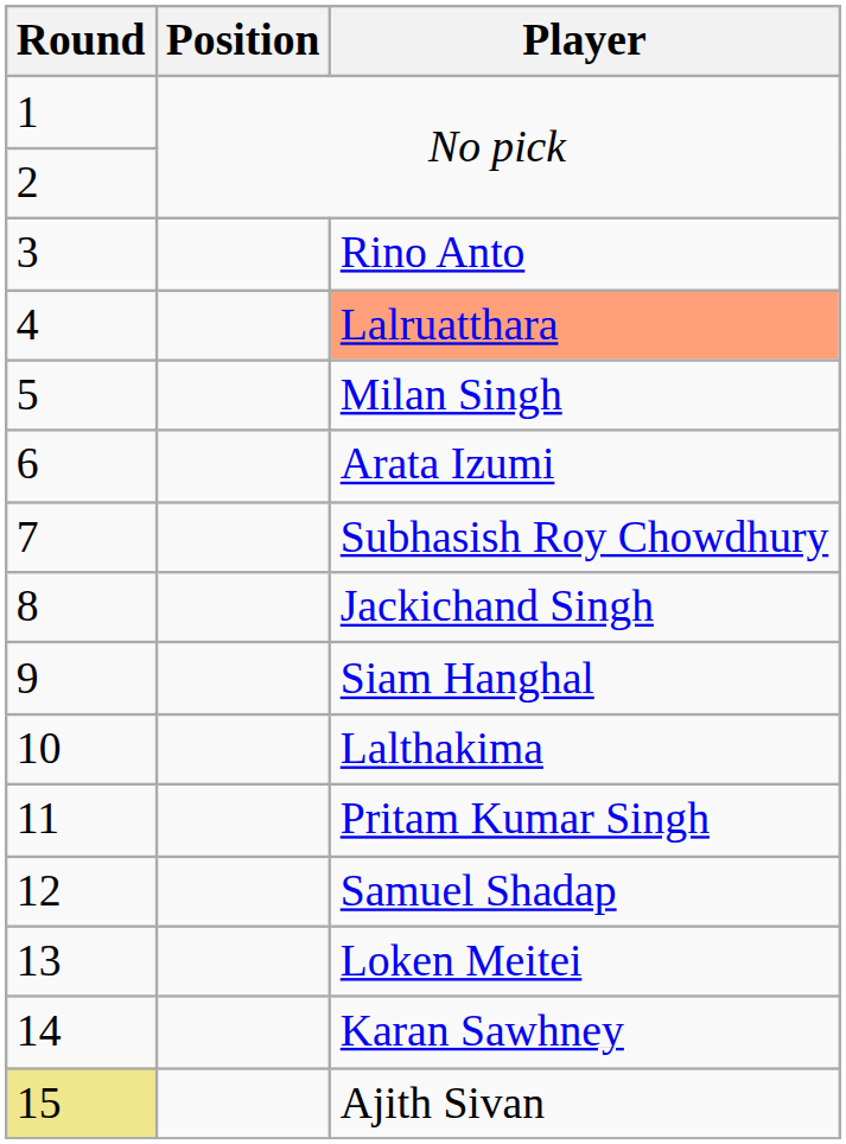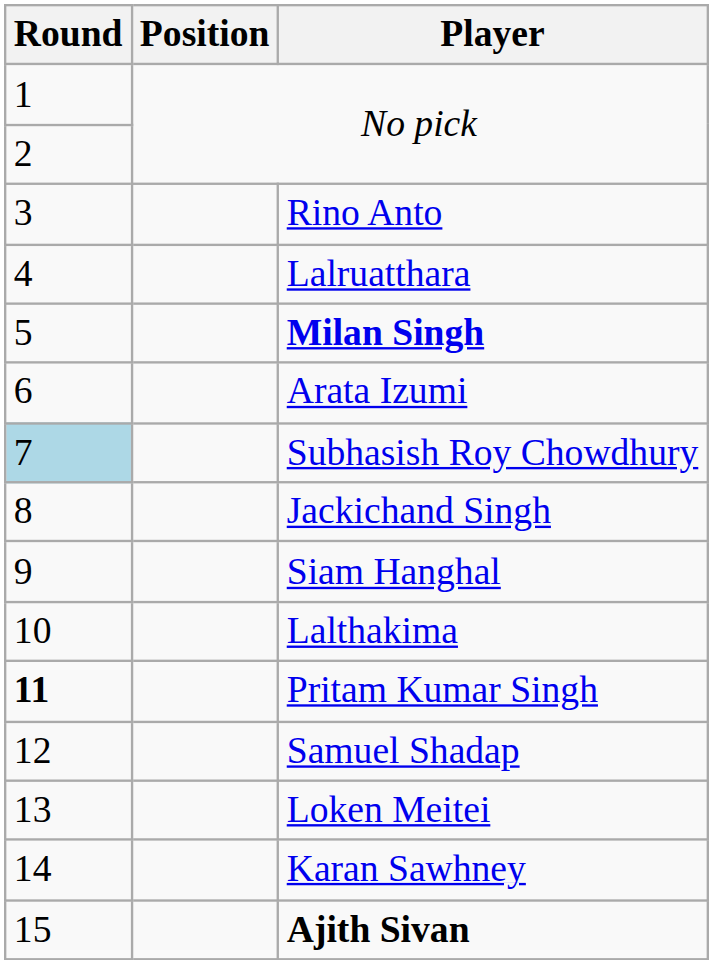 <table class="wikitable">
 <tr>
 <th>Round</th>
 <th>Position</th>
 <th>Player</th>
 </tr>
 <tr>
 <td>1</td>
 <td rowspan=2 colspan=2 align=center><em>No pick</em></td>
 </tr>
 <tr>
 <td>2</td>
 </tr>
 <tr>
 <td>3</td>
 <td></td>
 <td> <a href='#'>Rino Anto</a></td>
 </tr>
 <tr>
 <td>4</td>
 <td></td>
-<td style="background: lightsalmon;"> <a href='#'>Lalruatthara</a></td>
+<td> <a href='#'>Lalruatthara</a></td>
 </tr>
 <tr>
 <td>5</td>
 <td></td>
-<td> <a href='#'>Milan Singh</a></td>
+<td><strong> <a href='#'>Milan Singh</a></strong></td>
 </tr>
 <tr>
 <td>6</td>
 <td></td>
 <td> <a href='#'>Arata Izumi</a></td>
 </tr>
 <tr>
-<td>7</td>
+<td style="background: lightblue;">7</td>
 <td></td>
 <td> <a href='#'>Subhasish Roy Chowdhury</a></td>
 </tr>
 <tr>
 <td>8</td>
 <td></td>
 <td> <a href='#'>Jackichand Singh</a></td>
 </tr>
 <tr>
 <td>9</td>
 <td></td>
 <td> <a href='#'>Siam Hanghal</a></td>
 </tr>
 <tr>
 <td>10</td>
 <td></td>
 <td> <a href='#'>Lalthakima</a></td>
 </tr>
 <tr>
-<td>11</td>
+<td><strong>11</strong></td>
 <td></td>
 <td> <a href='#'>Pritam Kumar Singh</a></td>
 </tr>
 <tr>
 <td>12</td>
 <td></td>
 <td> <a href='#'>Samuel Shadap</a></td>
 </tr>
 <tr>
 <td>13</td>
 <td></td>
 <td> <a href='#'>Loken Meitei</a></td>
 </tr>
 <tr>
 <td>14</td>
 <td></td>
 <td> <a href='#'>Karan Sawhney</a></td>
 </tr>
 <tr>
-<td style="background: khaki;">15</td>
+<td>15</td>
 <td></td>
-<td> Ajith Sivan</td>
+<td><strong> Ajith Sivan</strong></td>
 </tr>
 </table>
